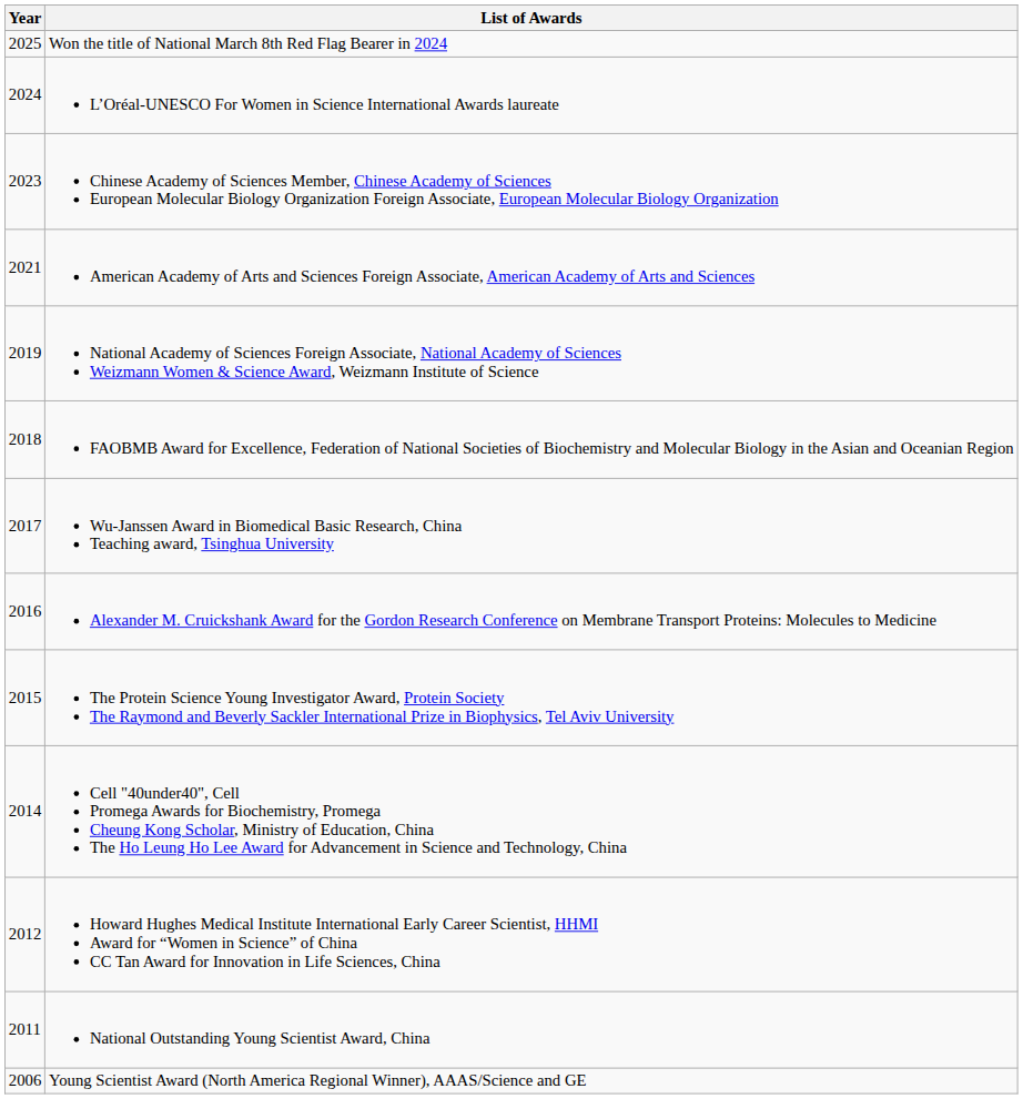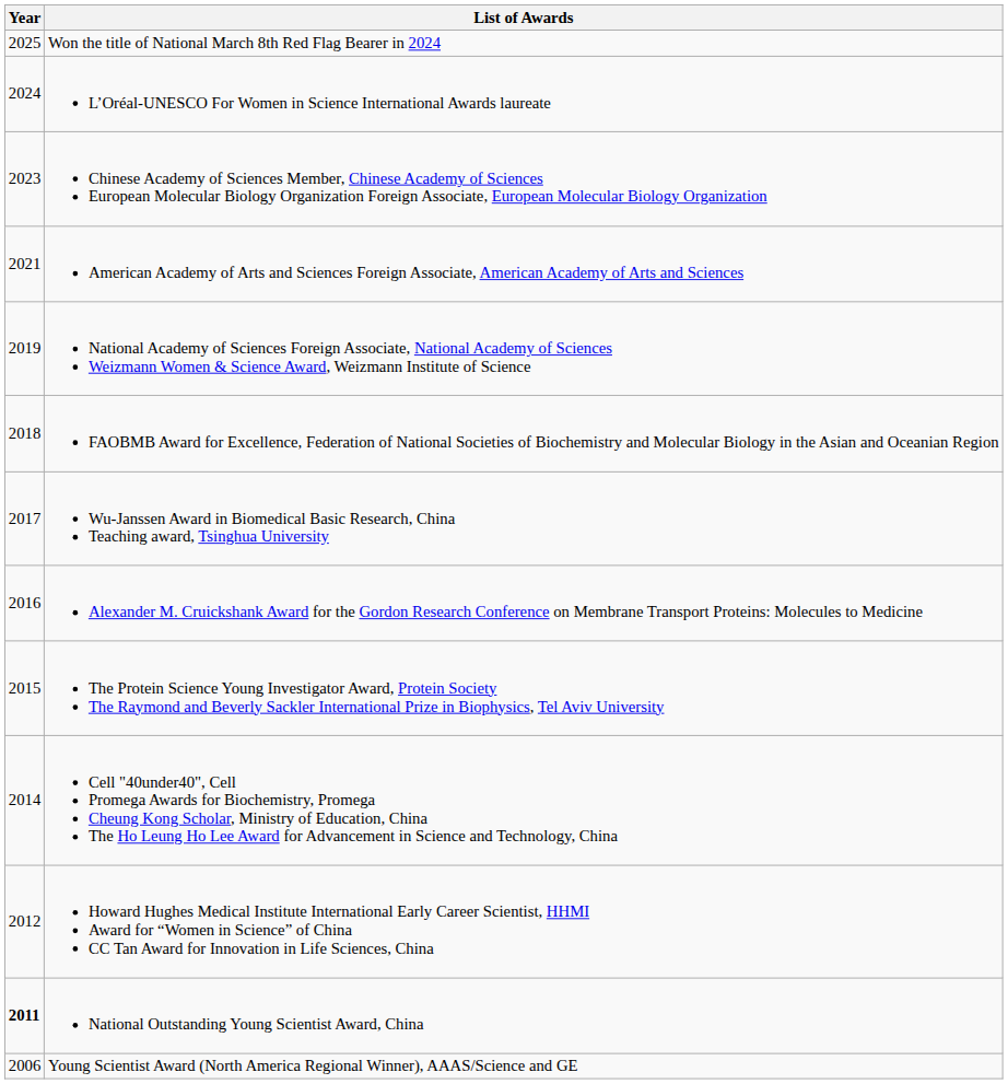 <table class="wikitable">
 <tr>
 <th>Year</th>
 <th>List of Awards</th>
 </tr>
 <tr>
 <td>2025</td>
 <td>Won the title of National March 8th Red Flag Bearer in <a href='#'>2024</a></td>
 </tr>
 <tr>
 <td>2024</td>
 <td><br><ul><li>L’Oréal-UNESCO For Women in Science International Awards laureate </li></ul></td>
 </tr>
 <tr>
 <td>2023</td>
 <td><br><ul><li>Chinese Academy of Sciences Member, <a href='#'>Chinese Academy of Sciences</a></li><li>European Molecular Biology Organization Foreign Associate, <a href='#'>European Molecular Biology Organization</a></li></ul></td>
 </tr>
 <tr>
 <td>2021</td>
 <td><br><ul><li>American Academy of Arts and Sciences Foreign Associate, <a href='#'>American Academy of Arts and Sciences</a></li></ul></td>
 </tr>
 <tr>
 <td>2019</td>
 <td><br><ul><li>National Academy of Sciences Foreign Associate, <a href='#'>National Academy of Sciences</a></li><li><a href='#'>Weizmann Women & Science Award</a>, Weizmann Institute of Science</li></ul></td>
 </tr>
 <tr>
 <td>2018</td>
 <td><br><ul><li>FAOBMB Award for Excellence, Federation of National Societies of Biochemistry and Molecular Biology in the Asian and Oceanian Region</li></ul></td>
 </tr>
 <tr>
 <td>2017</td>
 <td><br><ul><li>Wu-Janssen Award in Biomedical Basic Research, China</li><li>Teaching award, <a href='#'>Tsinghua University</a></li></ul></td>
 </tr>
 <tr>
 <td>2016</td>
 <td><br><ul><li><a href='#'>Alexander M. Cruickshank Award</a> for the <a href='#'>Gordon Research Conference</a> on Membrane Transport Proteins: Molecules to Medicine</li></ul></td>
 </tr>
 <tr>
 <td>2015</td>
 <td><br><ul><li>The Protein Science Young Investigator Award, <a href='#'>Protein Society</a></li><li><a href='#'>The Raymond and Beverly Sackler International Prize in Biophysics</a>, <a href='#'>Tel Aviv University</a></li></ul></td>
 </tr>
 <tr>
 <td>2014</td>
 <td><br><ul><li>Cell "40under40", Cell</li><li>Promega Awards for Biochemistry, Promega</li><li><a href='#'>Cheung Kong Scholar</a>, Ministry of Education, China</li><li>The <a href='#'>Ho Leung Ho Lee Award</a> for Advancement in Science and Technology, China</li></ul></td>
 </tr>
 <tr>
 <td>2012</td>
 <td><br><ul><li>Howard Hughes Medical Institute International Early Career Scientist, <a href='#'>HHMI</a></li><li>Award for “Women in Science” of China</li><li>CC Tan Award for Innovation in Life Sciences, China</li></ul></td>
 </tr>
 <tr>
-<td>2011</td>
+<td><strong>2011</strong></td>
 <td><br><ul><li>National Outstanding Young Scientist Award, China</li></ul></td>
 </tr>
 <tr>
 <td>2006</td>
 <td>Young Scientist Award (North America Regional Winner), AAAS/Science and GE</td>
 </tr>
 </table>
